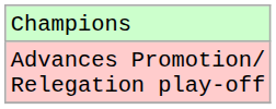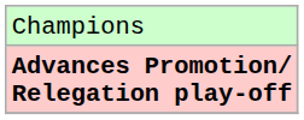 <table class="wikitable">
 <tr width=10px bgcolor="#ccffcc">
 <td>Champions</td>
 </tr>
 <tr width=10px bgcolor="#ffcccc">
-<td>Advances Promotion/<br>Relegation play-off</td>
+<td><strong>Advances Promotion/<br>Relegation play-off</strong></td>
 </tr>
 <tr>
 </tr>
 </table>
